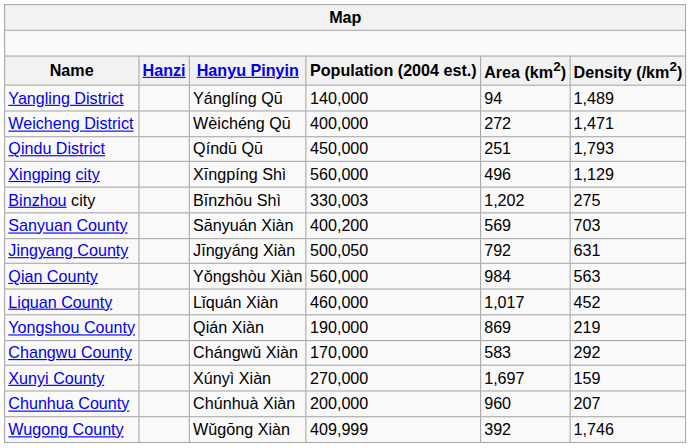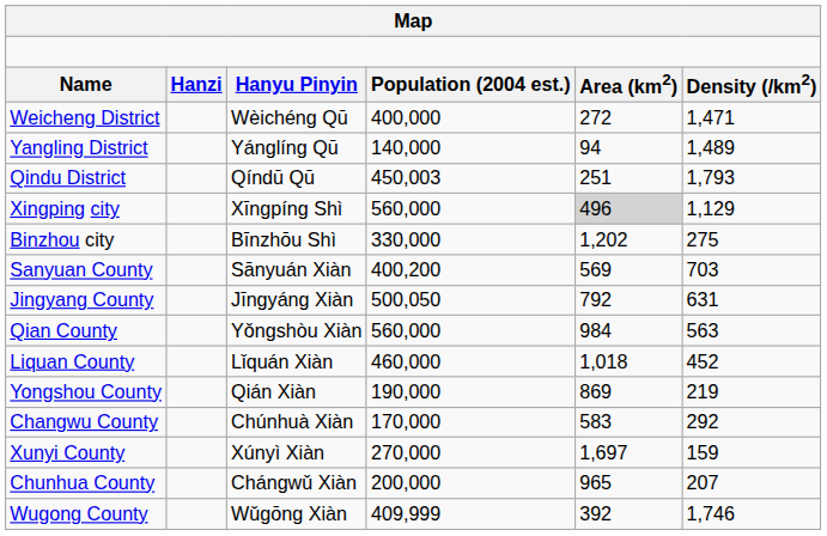 <table class="wikitable"  style="font-size:90%;" align=center>
 <tr>
 <th colspan="6" align="center">Map</th>
 </tr>
 <tr>
 <td colspan="6" align="center"><div><br>                 </div></td>
 </tr>
 <tr>
 <th>Name</th>
 <th><a href='#'>Hanzi</a></th>
 <th><a href='#'>Hanyu Pinyin</a></th>
 <th>Population (2004 est.)</th>
 <th>Area (km<sup>2</sup>)</th>
 <th>Density (/km<sup>2</sup>)</th>
 </tr>
 <tr>
+<td><a href='#'>Weicheng District</a></td>
+<td></td>
+<td>Wèichéng Qū</td>
+<td>400,000</td>
+<td>272</td>
+<td>1,471</td>
+</tr>
+<tr>
 <td><a href='#'>Yangling District</a></td>
 <td></td>
 <td>Yánglíng Qū</td>
 <td>140,000</td>
 <td>94</td>
 <td>1,489</td>
 </tr>
 <tr>
-<td><a href='#'>Weicheng District</a></td>
-<td></td>
-<td>Wèichéng Qū</td>
-<td>400,000</td>
-<td>272</td>
-<td>1,471</td>
-</tr>
-<tr>
 <td><a href='#'>Qindu District</a></td>
 <td></td>
 <td>Qíndū Qū</td>
-<td>450,000</td>
+<td>450,003</td>
 <td>251</td>
 <td>1,793</td>
 </tr>
 <tr>
 <td><a href='#'>Xingping</a> <a href='#'>city</a></td>
 <td></td>
 <td>Xīngpíng Shì</td>
 <td>560,000</td>
-<td>496</td>
+<td style="background: lightgrey;">496</td>
 <td>1,129</td>
 </tr>
 <tr>
 <td><a href='#'>Binzhou</a> city</td>
 <td></td>
 <td>Bīnzhōu Shì</td>
-<td>330,003</td>
+<td>330,000</td>
 <td>1,202</td>
 <td>275</td>
 </tr>
 <tr>
 <td><a href='#'>Sanyuan County</a></td>
 <td></td>
 <td>Sānyuán Xiàn</td>
 <td>400,200</td>
 <td>569</td>
 <td>703</td>
 </tr>
 <tr>
 <td><a href='#'>Jingyang County</a></td>
 <td></td>
 <td>Jīngyáng Xiàn</td>
 <td>500,050</td>
 <td>792</td>
 <td>631</td>
 </tr>
 <tr>
 <td><a href='#'>Qian County</a></td>
 <td></td>
 <td>Yǒngshòu Xiàn</td>
 <td>560,000</td>
 <td>984</td>
 <td>563</td>
 </tr>
 <tr>
 <td><a href='#'>Liquan County</a></td>
 <td></td>
 <td>Lǐquán Xiàn</td>
 <td>460,000</td>
-<td>1,017</td>
+<td>1,018</td>
 <td>452</td>
 </tr>
 <tr>
 <td><a href='#'>Yongshou County</a></td>
 <td></td>
 <td>Qián Xiàn</td>
 <td>190,000</td>
 <td>869</td>
 <td>219</td>
 </tr>
 <tr>
 <td><a href='#'>Changwu County</a></td>
 <td></td>
-<td>Chángwǔ Xiàn</td>
+<td>Chúnhuà Xiàn</td>
 <td>170,000</td>
 <td>583</td>
 <td>292</td>
 </tr>
 <tr>
 <td><a href='#'>Xunyi County</a></td>
 <td></td>
 <td>Xúnyì Xiàn</td>
 <td>270,000</td>
 <td>1,697</td>
 <td>159</td>
 </tr>
 <tr>
 <td><a href='#'>Chunhua County</a></td>
 <td></td>
-<td>Chúnhuà Xiàn</td>
+<td>Chángwǔ Xiàn</td>
 <td>200,000</td>
-<td>960</td>
+<td>965</td>
 <td>207</td>
 </tr>
 <tr>
 <td><a href='#'>Wugong County</a></td>
 <td></td>
 <td>Wǔgōng Xiàn</td>
 <td>409,999</td>
 <td>392</td>
 <td>1,746</td>
 </tr>
 </table>
